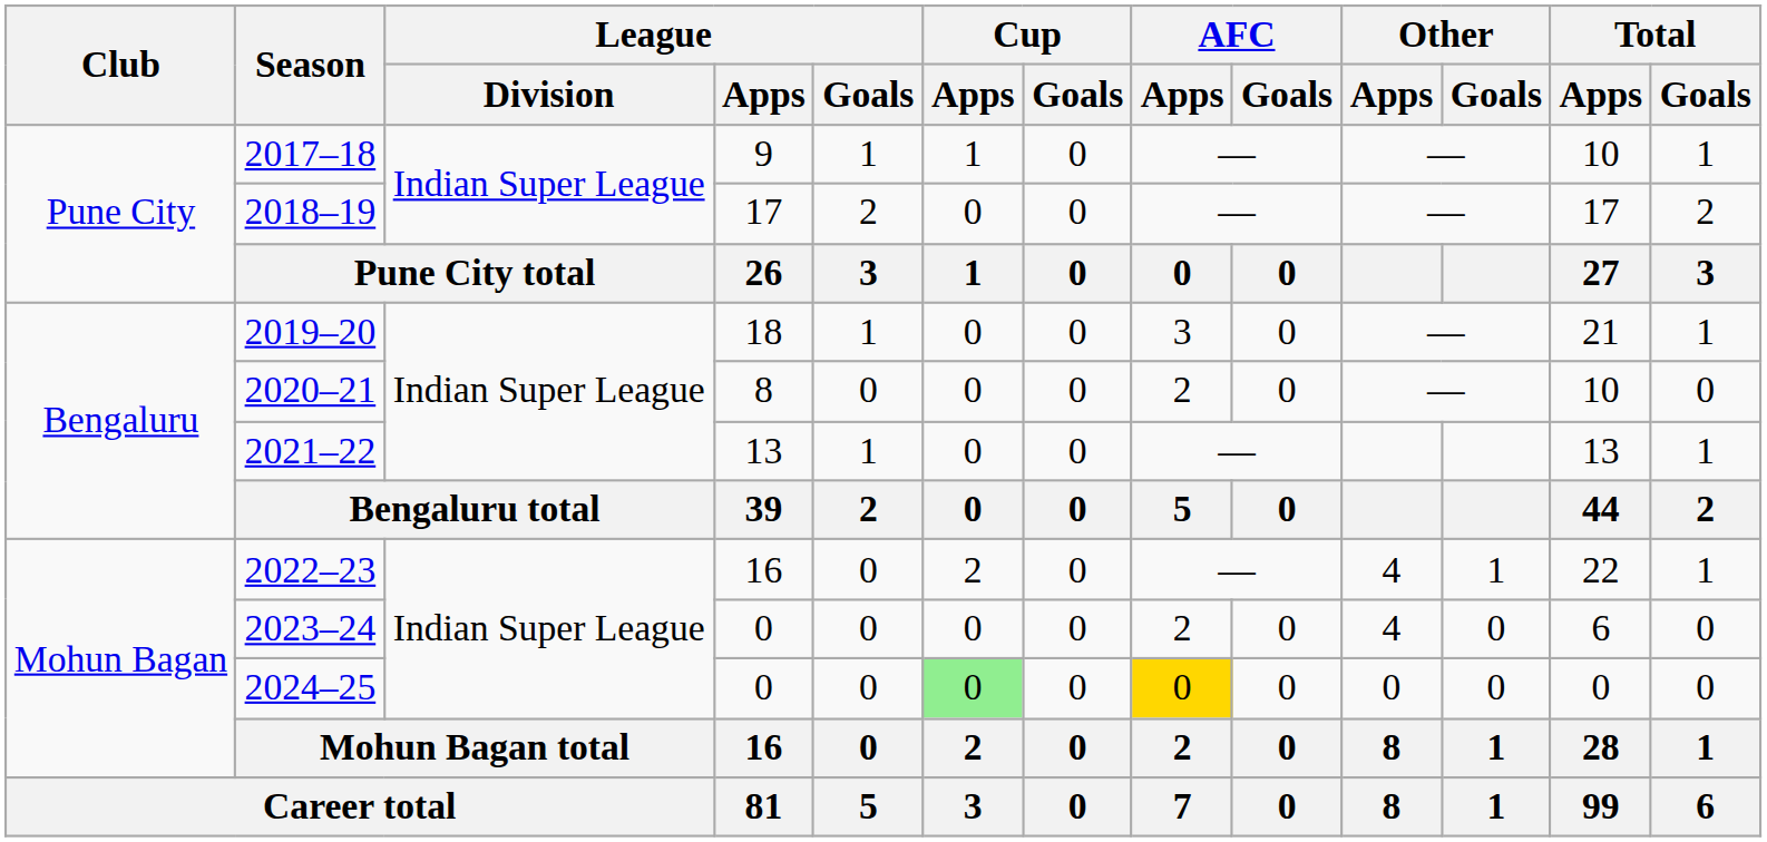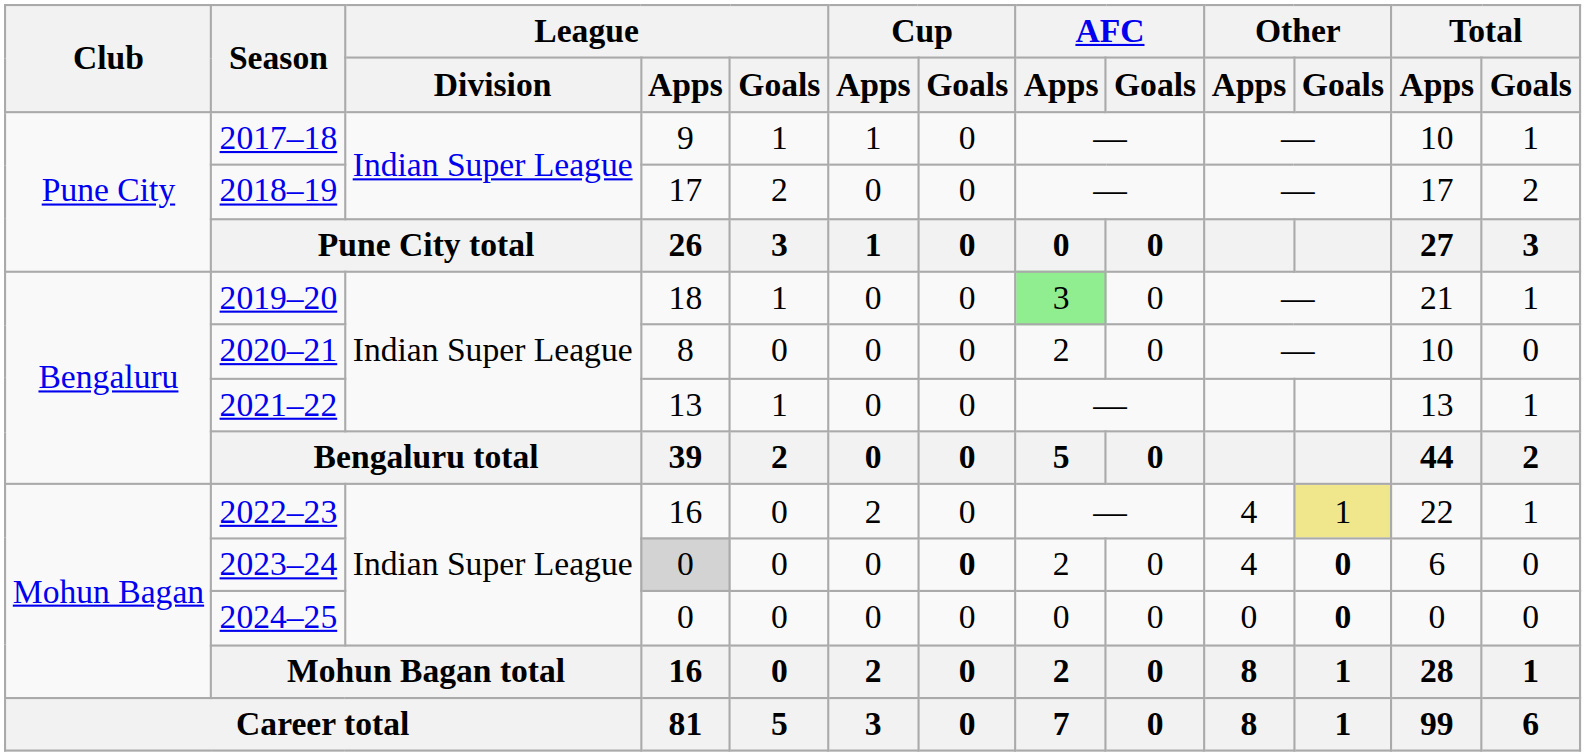 <table class="wikitable" style="text-align: center;">
 <tr>
 <th rowspan="2">Club</th>
 <th rowspan="2">Season</th>
 <th colspan="3">League</th>
 <th colspan="2">Cup</th>
 <th colspan="2"><a href='#'>AFC</a></th>
 <th colspan="2">Other</th>
 <th colspan="2">Total</th>
 </tr>
 <tr>
 <th>Division</th>
 <th>Apps</th>
 <th>Goals</th>
 <th>Apps</th>
 <th>Goals</th>
 <th>Apps</th>
 <th>Goals</th>
 <th>Apps</th>
 <th>Goals</th>
 <th>Apps</th>
 <th>Goals</th>
 </tr>
 <tr>
 <td rowspan="3"><a href='#'>Pune City</a></td>
 <td><a href='#'>2017–18</a></td>
 <td rowspan="2"><a href='#'>Indian Super League</a></td>
 <td>9</td>
 <td>1</td>
 <td>1</td>
 <td>0</td>
 <td colspan="2">—</td>
 <td colspan="2">—</td>
 <td>10</td>
 <td>1</td>
 </tr>
 <tr>
 <td><a href='#'>2018–19</a></td>
 <td>17</td>
 <td>2</td>
 <td>0</td>
 <td>0</td>
 <td colspan="2">—</td>
 <td colspan="2">—</td>
 <td>17</td>
 <td>2</td>
 </tr>
 <tr>
 <th colspan="2">Pune City total</th>
 <th>26</th>
 <th>3</th>
 <th>1</th>
 <th>0</th>
 <th>0</th>
 <th>0</th>
 <th></th>
 <th></th>
 <th>27</th>
 <th>3</th>
 </tr>
 <tr>
 <td rowspan="4"><a href='#'>Bengaluru</a></td>
 <td><a href='#'>2019–20</a></td>
 <td rowspan="3">Indian Super League</td>
 <td>18</td>
 <td>1</td>
 <td>0</td>
 <td>0</td>
-<td>3</td>
+<td style="background: lightgreen;">3</td>
 <td>0</td>
 <td colspan="2">—</td>
 <td>21</td>
 <td>1</td>
 </tr>
 <tr>
 <td><a href='#'>2020–21</a></td>
 <td>8</td>
 <td>0</td>
 <td>0</td>
 <td>0</td>
 <td>2</td>
 <td>0</td>
 <td colspan="2">—</td>
 <td>10</td>
 <td>0</td>
 </tr>
 <tr>
 <td><a href='#'>2021–22</a></td>
 <td>13</td>
 <td>1</td>
 <td>0</td>
 <td>0</td>
 <td colspan="2">—</td>
 <td></td>
 <td></td>
 <td>13</td>
 <td>1</td>
 </tr>
 <tr>
 <th colspan="2">Bengaluru total</th>
 <th>39</th>
 <th>2</th>
 <th>0</th>
 <th>0</th>
 <th>5</th>
 <th>0</th>
 <th></th>
 <th></th>
 <th>44</th>
 <th>2</th>
 </tr>
 <tr>
 <td rowspan="4"><a href='#'>Mohun Bagan</a></td>
 <td><a href='#'>2022–23</a></td>
 <td rowspan="3">Indian Super League</td>
 <td>16</td>
 <td>0</td>
 <td>2</td>
 <td>0</td>
 <td colspan="2">—</td>
 <td>4</td>
-<td>1</td>
+<td style="background: khaki;">1</td>
 <td>22</td>
 <td>1</td>
 </tr>
 <tr>
 <td><a href='#'>2023–24</a></td>
+<td style="background: lightgrey;">0</td>
 <td>0</td>
 <td>0</td>
-<td>0</td>
-<td>0</td>
+<td><strong>0</strong></td>
 <td>2</td>
 <td>0</td>
 <td>4</td>
-<td>0</td>
+<td><strong>0</strong></td>
 <td>6</td>
 <td>0</td>
 </tr>
 <tr>
 <td><a href='#'>2024–25</a></td>
 <td>0</td>
 <td>0</td>
-<td style="background: lightgreen;">0</td>
-<td>0</td>
-<td style="background: gold;">0</td>
 <td>0</td>
 <td>0</td>
 <td>0</td>
+<td>0</td>
+<td>0</td>
+<td><strong>0</strong></td>
 <td>0</td>
 <td>0</td>
 </tr>
 <tr>
 <th colspan="2">Mohun Bagan total</th>
 <th>16</th>
 <th>0</th>
 <th>2</th>
 <th>0</th>
 <th>2</th>
 <th>0</th>
 <th>8</th>
 <th>1</th>
 <th>28</th>
 <th>1</th>
 </tr>
 <tr>
 <th colspan="3">Career total</th>
 <th>81</th>
 <th>5</th>
 <th>3</th>
 <th>0</th>
 <th>7</th>
 <th>0</th>
 <th>8</th>
 <th>1</th>
 <th>99</th>
 <th>6</th>
 </tr>
 </table>
